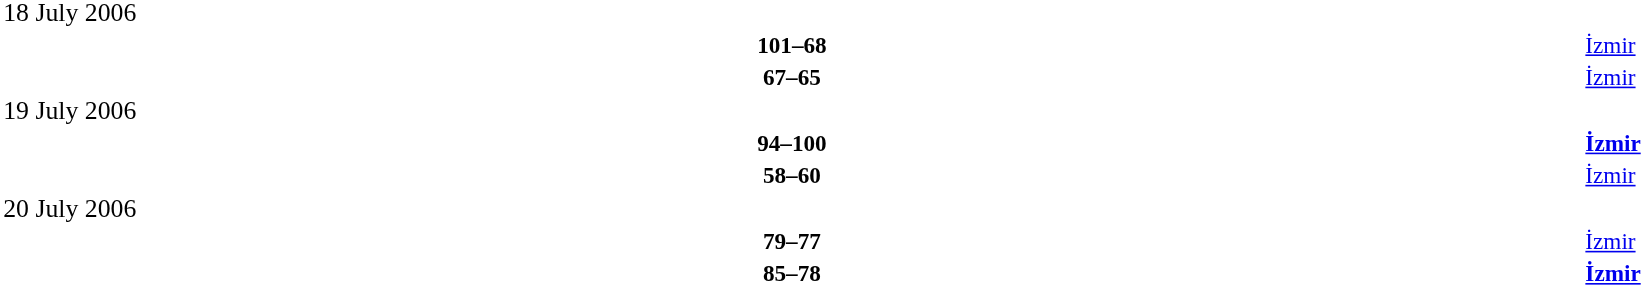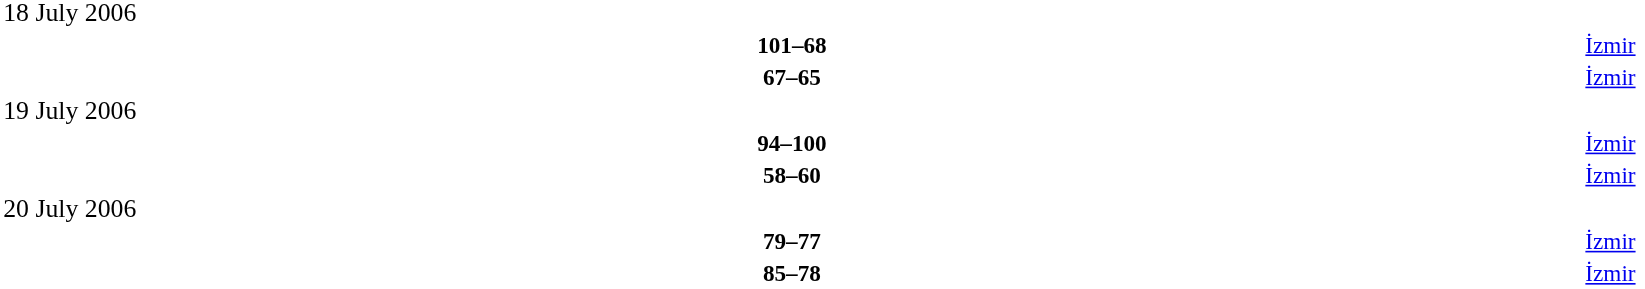 <table style="width:100%;" cellspacing="1">
 <tr>
 <th width=25%></th>
 <th width=3%></th>
 <th width=6%></th>
 <th width=3%></th>
 <th width=25%></th>
 </tr>
 <tr>
 <td>18 July 2006</td>
 </tr>
 <tr style=font-size:90%>
 <td align=right><strong></strong></td>
 <td></td>
 <td align=center><strong>101–68</strong></td>
 <td></td>
 <td><strong></strong></td>
 <td><a href='#'>İzmir</a></td>
 </tr>
 <tr style=font-size:90%>
 <td align=right><strong></strong></td>
 <td></td>
 <td align=center><strong>67–65</strong></td>
 <td></td>
 <td><strong></strong></td>
 <td><a href='#'>İzmir</a></td>
 </tr>
 <tr>
 <td>19 July 2006</td>
 </tr>
 <tr style=font-size:90%>
 <td align=right><strong></strong></td>
 <td></td>
 <td align=center><strong>94–100</strong></td>
 <td></td>
 <td><strong></strong></td>
-<td><strong><a href='#'>İzmir</a></strong></td>
+<td><a href='#'>İzmir</a></td>
 </tr>
 <tr style=font-size:90%>
 <td align=right><strong></strong></td>
 <td></td>
 <td align=center><strong>58–60</strong></td>
 <td></td>
 <td><strong></strong></td>
 <td><a href='#'>İzmir</a></td>
 </tr>
 <tr>
 <td>20 July 2006</td>
 </tr>
 <tr style=font-size:90%>
 <td align=right><strong></strong></td>
 <td></td>
 <td align=center><strong>79–77</strong></td>
 <td></td>
 <td><strong></strong></td>
 <td><a href='#'>İzmir</a></td>
 </tr>
 <tr style=font-size:90%>
 <td align=right><strong></strong></td>
 <td></td>
 <td align=center><strong>85–78</strong></td>
 <td></td>
 <td><strong></strong></td>
-<td><strong><a href='#'>İzmir</a></strong></td>
+<td><a href='#'>İzmir</a></td>
 </tr>
 </table>
